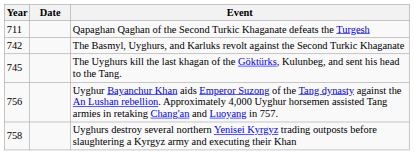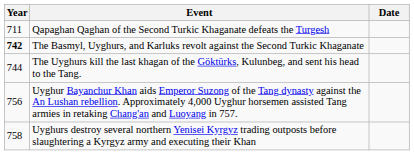 <table class="wikitable" width="100%">
 <tr>
 <th style="width:6%">Year</th>
+<th>Event</th>
 <th style="width:10%">Date</th>
-<th>Event</th>
 </tr>
 <tr>
 <td>711</td>
+<td>Qapaghan Qaghan of the Second Turkic Khaganate defeats the <a href='#'>Turgesh</a></td>
 <td></td>
-<td>Qapaghan Qaghan of the Second Turkic Khaganate defeats the <a href='#'>Turgesh</a></td>
 </tr>
 <tr>
-<td>742</td>
+<td><strong>742</strong></td>
+<td>The Basmyl, Uyghurs, and Karluks revolt against the Second Turkic Khaganate</td>
 <td></td>
-<td>The Basmyl, Uyghurs, and Karluks revolt against the Second Turkic Khaganate</td>
 </tr>
 <tr>
-<td>745</td>
+<td>744</td>
+<td>The Uyghurs kill the last khagan of the <a href='#'>Göktürks</a>, Kulunbeg, and sent his head to the Tang.</td>
 <td></td>
-<td>The Uyghurs kill the last khagan of the <a href='#'>Göktürks</a>, Kulunbeg, and sent his head to the Tang.</td>
 </tr>
 <tr>
 <td>756</td>
+<td>Uyghur <a href='#'>Bayanchur Khan</a> aids <a href='#'>Emperor Suzong</a> of the <a href='#'>Tang dynasty</a> against the <a href='#'>An Lushan rebellion</a>. Approximately 4,000 Uyghur horsemen assisted Tang armies in retaking <a href='#'>Chang'an</a> and <a href='#'>Luoyang</a> in 757.</td>
 <td></td>
-<td>Uyghur <a href='#'>Bayanchur Khan</a> aids <a href='#'>Emperor Suzong</a> of the <a href='#'>Tang dynasty</a> against the <a href='#'>An Lushan rebellion</a>. Approximately 4,000 Uyghur horsemen assisted Tang armies in retaking <a href='#'>Chang'an</a> and <a href='#'>Luoyang</a> in 757.</td>
 </tr>
 <tr>
 <td>758</td>
+<td>Uyghurs destroy several northern <a href='#'>Yenisei Kyrgyz</a> trading outposts before slaughtering a Kyrgyz army and executing their Khan</td>
 <td></td>
-<td>Uyghurs destroy several northern <a href='#'>Yenisei Kyrgyz</a> trading outposts before slaughtering a Kyrgyz army and executing their Khan</td>
 </tr>
 </table>
